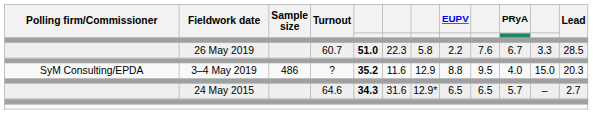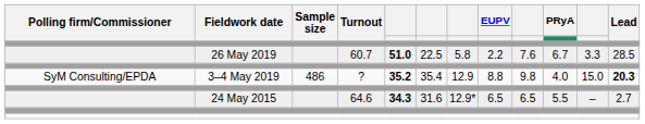 <table class="wikitable collapsible collapsed" style="text-align:center; font-size:95%; line-height:16px;">
 <tr style="height:42px;">
 <th style="width:250px;" rowspan="2">Polling firm/Commissioner</th>
 <th style="width:125px;" rowspan="2">Fieldwork date</th>
 <th style="width:50px;" rowspan="2">Sample size</th>
 <th style="width:45px;" rowspan="2">Turnout</th>
 <th style="width:35px;"></th>
 <th style="width:35px;"></th>
 <th style="width:35px;"></th>
 <th style="width:35px; font-size:95%;"><a href='#'>EUPV</a></th>
 <th style="width:35px;"></th>
 <th style="width:35px; font-size:95%;">PRyA</th>
 <th style="width:35px;"></th>
 <th style="width:30px;" rowspan="2">Lead</th>
 </tr>
 <tr>
 <th style="color:inherit;background:"></th>
 <th style="color:inherit;background:"></th>
 <th style="color:inherit;background:"></th>
 <th style="color:inherit;background:"></th>
 <th style="color:inherit;background:"></th>
 <th style="color:inherit;background:#1F885D;"></th>
 <th style="color:inherit;background:"></th>
 </tr>
 <tr>
 <td colspan="12" style="background:#A0A0A0"></td>
 </tr>
 <tr style="background:#EFEFEF;">
 <td><strong></strong></td>
 <td>26 May 2019</td>
 <td></td>
 <td>60.7</td>
 <td><strong>51.0</strong><br></td>
-<td>22.3<br></td>
+<td>22.5<br></td>
 <td>5.8<br></td>
 <td>2.2<br></td>
 <td>7.6<br></td>
 <td>6.7<br></td>
 <td>3.3<br></td>
 <td style="background:">28.5</td>
 </tr>
 <tr>
 <td colspan="12" style="background:#A0A0A0"></td>
 </tr>
 <tr>
 <td>SyM Consulting/EPDA</td>
 <td>3–4 May 2019</td>
 <td>486</td>
 <td>?</td>
 <td><strong>35.2</strong><br></td>
-<td>11.6<br></td>
+<td>35.4<br></td>
 <td>12.9<br></td>
 <td>8.8<br></td>
-<td>9.5<br></td>
+<td>9.8<br></td>
 <td>4.0<br></td>
 <td>15.0<br></td>
-<td style="background:">20.3</td>
+<td style="background:"><strong>20.3</strong></td>
 </tr>
 <tr>
 <td colspan="12" style="background:#A0A0A0"></td>
 </tr>
 <tr style="background:#EFEFEF;">
 <td><strong></strong></td>
 <td>24 May 2015</td>
 <td></td>
 <td>64.6</td>
 <td><strong>34.3</strong><br></td>
 <td>31.6<br></td>
 <td>12.9*<br></td>
 <td>6.5<br></td>
 <td>6.5<br></td>
-<td>5.7<br></td>
+<td>5.5<br></td>
 <td>–</td>
 <td style="background:">2.7</td>
 </tr>
 <tr>
 <td colspan="12" style="background:#A0A0A0"></td>
 </tr>
 <tr>
 <td align="left" colspan="12"></td>
 </tr>
 </table>
